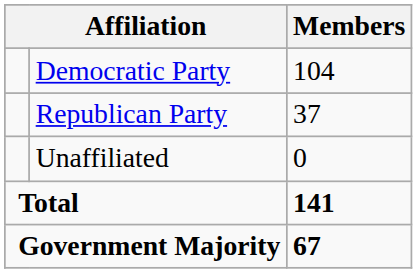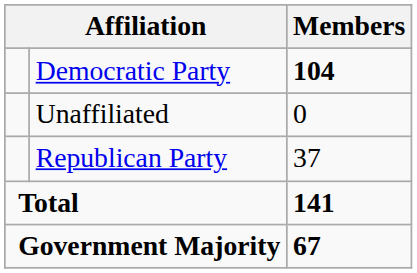 <table class="wikitable">
 <tr>
 <th colspan="2">Affiliation</th>
 <th>Members</th>
 </tr>
 <tr>
 <td style="background-color:"> </td>
 <td><a href='#'>Democratic Party</a></td>
-<td>104</td>
+<td><strong>104</strong></td>
+</tr>
+<tr>
+<td></td>
+<td>Unaffiliated</td>
+<td>0</td>
 </tr>
 <tr>
 <td style="background-color:"> </td>
 <td><a href='#'>Republican Party</a></td>
 <td>37</td>
-</tr>
-<tr>
-<td></td>
-<td>Unaffiliated</td>
-<td>0</td>
 </tr>
 <tr>
 <td colspan=2 rowspan=1> <strong>Total</strong><br></td>
 <td><strong>141</strong></td>
 </tr>
 <tr>
 <td colspan=2 rowspan=1> <strong>Government Majority</strong><br></td>
 <td><strong>67</strong></td>
 </tr>
 </table>
